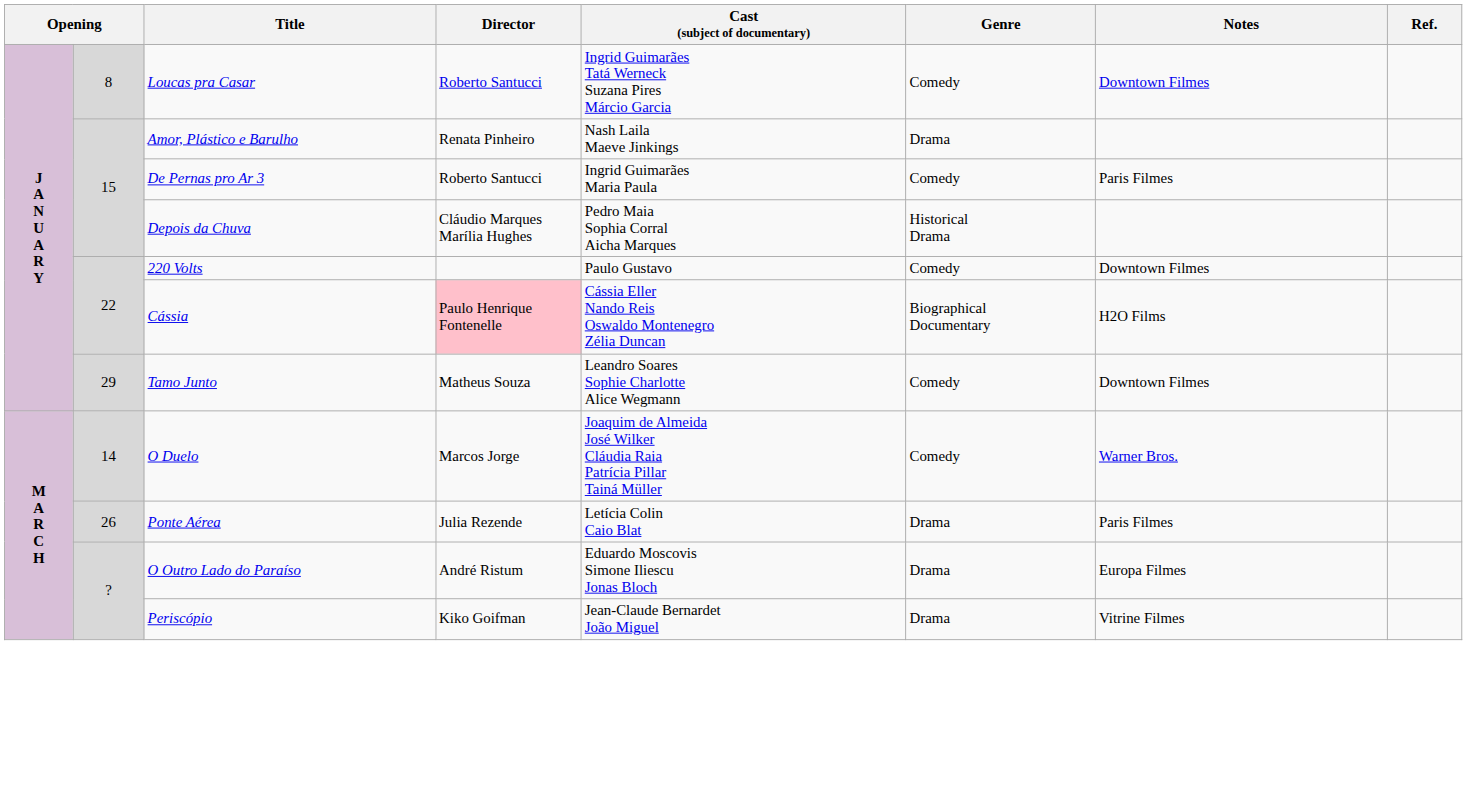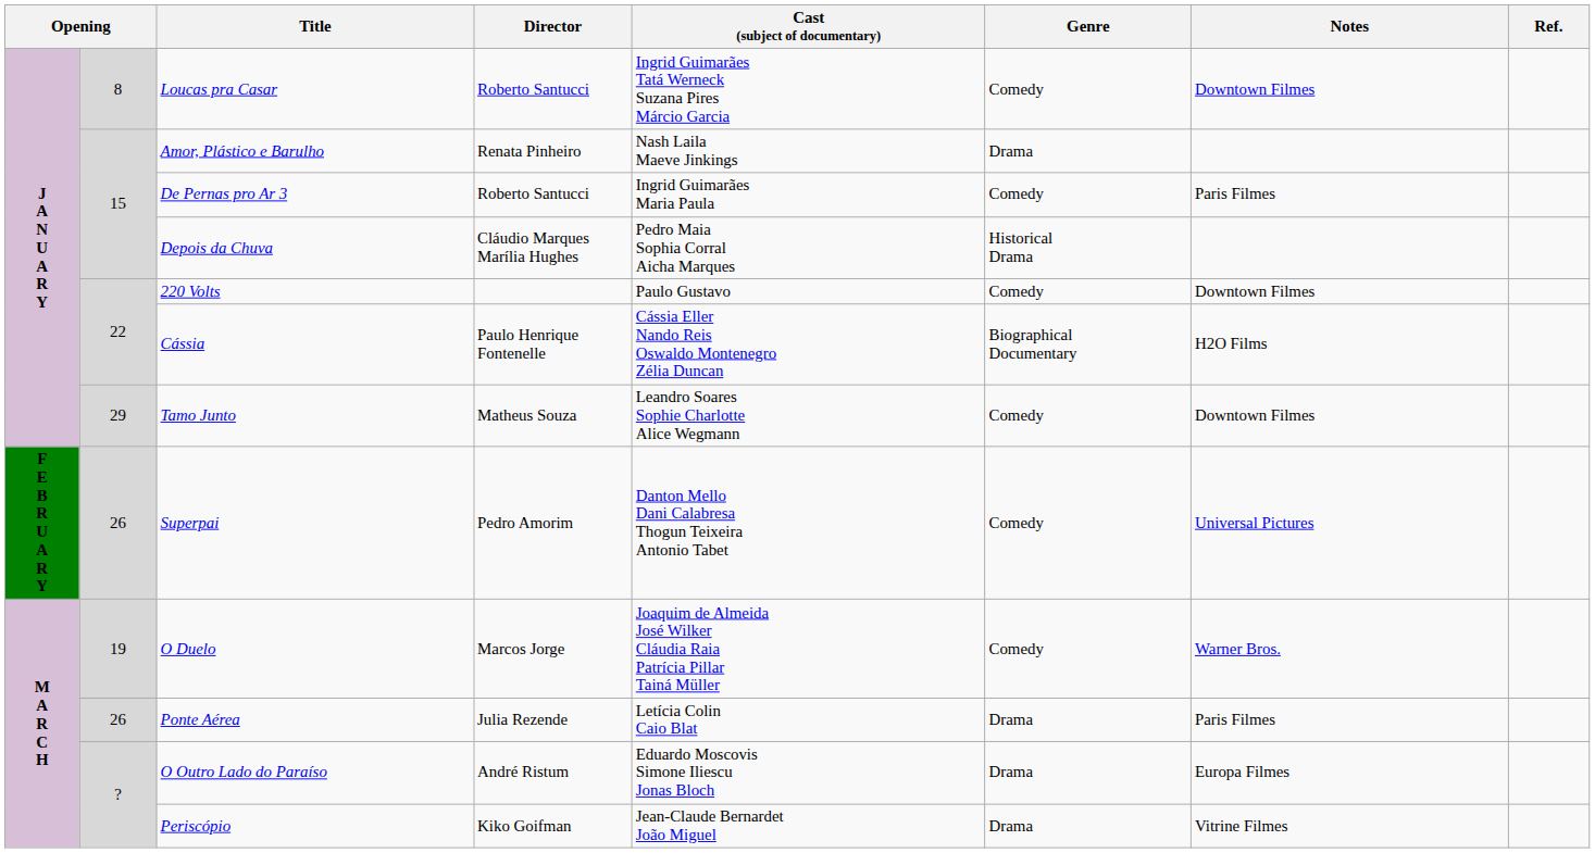 <table class="wikitable">
 <tr>
 <th colspan="2">Opening</th>
 <th style="width:20%;">Title</th>
 <th style="width:10%;">Director</th>
 <th>Cast<br><small>(subject of documentary)</small></th>
 <th style="width:13%">Genre</th>
 <th style="width:20%">Notes</th>
 <th>Ref.</th>
 </tr>
 <tr>
 <td rowspan=7 style="text-align:center; background:thistle; textcolor:#000;"><strong>J<br>A<br>N<br>U<br>A<br>R<br>Y<br></strong></td>
 <td style="text-align:center; background:#d8d8d8; textcolor:#000;">8</td>
 <td><em><a href='#'>Loucas pra Casar</a></em></td>
 <td><a href='#'>Roberto Santucci</a></td>
 <td><a href='#'>Ingrid Guimarães</a><br><a href='#'>Tatá Werneck</a><br>Suzana Pires<br><a href='#'>Márcio Garcia</a></td>
 <td>Comedy</td>
 <td><a href='#'>Downtown Filmes</a></td>
 <td></td>
 </tr>
 <tr>
 <td rowspan=3 style="text-align:center; background:#d8d8d8; textcolor:#000;">15</td>
 <td><em><a href='#'>Amor, Plástico e Barulho</a></em></td>
 <td>Renata Pinheiro</td>
 <td>Nash Laila<br>Maeve Jinkings</td>
 <td>Drama</td>
 <td></td>
 <td></td>
 </tr>
 <tr>
 <td><em><a href='#'>De Pernas pro Ar 3</a></em></td>
 <td>Roberto Santucci</td>
 <td>Ingrid Guimarães<br>Maria Paula</td>
 <td>Comedy</td>
 <td>Paris Filmes</td>
 <td></td>
 </tr>
 <tr>
 <td><em><a href='#'>Depois da Chuva</a></em></td>
 <td>Cláudio Marques<br>Marília Hughes</td>
 <td>Pedro Maia<br>Sophia Corral<br>Aicha Marques</td>
 <td>Historical<br>Drama</td>
 <td></td>
 <td></td>
 </tr>
 <tr>
 <td rowspan=2 style="text-align:center; background:#d8d8d8; textcolor:#000;">22</td>
 <td><em><a href='#'>220 Volts</a></em></td>
 <td></td>
 <td>Paulo Gustavo</td>
 <td>Comedy</td>
 <td>Downtown Filmes</td>
 <td></td>
 </tr>
 <tr>
 <td><em><a href='#'>Cássia</a></em></td>
-<td style="background: pink;">Paulo Henrique Fontenelle</td>
+<td>Paulo Henrique Fontenelle</td>
 <td><a href='#'>Cássia Eller</a><br><a href='#'>Nando Reis</a><br><a href='#'>Oswaldo Montenegro</a><br><a href='#'>Zélia Duncan</a></td>
 <td>Biographical<br>Documentary</td>
 <td>H2O Films</td>
 <td></td>
 </tr>
 <tr>
 <td style="text-align:center; background:#d8d8d8; textcolor:#000;">29</td>
 <td><em><a href='#'>Tamo Junto</a></em></td>
 <td>Matheus Souza</td>
 <td>Leandro Soares<br><a href='#'>Sophie Charlotte</a><br>Alice Wegmann</td>
 <td>Comedy</td>
 <td>Downtown Filmes</td>
 <td></td>
 </tr>
 <tr>
+<td style="text-align:center; background:green; textcolor:#000;"><strong>F<br>E<br>B<br>R<br>U<br>A<br>R<br>Y<br></strong></td>
+<td style="text-align:center; background:#d8d8d8; textcolor:#000;">26</td>
+<td><em><a href='#'>Superpai</a></em></td>
+<td>Pedro Amorim</td>
+<td><a href='#'>Danton Mello</a><br><a href='#'>Dani Calabresa</a><br>Thogun Teixeira<br>Antonio Tabet</td>
+<td>Comedy</td>
+<td><a href='#'>Universal Pictures</a></td>
+<td></td>
+</tr>
+<tr>
 <td rowspan=4 style="text-align:center; background:thistle; textcolor:#000;"><strong>M<br>A<br>R<br>C<br>H<br></strong></td>
-<td style="text-align:center; background:#d8d8d8; textcolor:#000;">14</td>
+<td style="text-align:center; background:#d8d8d8; textcolor:#000;">19</td>
 <td><em><a href='#'>O Duelo</a></em></td>
 <td>Marcos Jorge</td>
 <td><a href='#'>Joaquim de Almeida</a><br><a href='#'>José Wilker</a><br><a href='#'>Cláudia Raia</a><br><a href='#'>Patrícia Pillar</a><br><a href='#'>Tainá Müller</a></td>
 <td>Comedy</td>
 <td><a href='#'>Warner Bros.</a></td>
 <td></td>
 </tr>
 <tr>
 <td style="text-align:center; background:#d8d8d8; textcolor:#000;">26</td>
 <td><em><a href='#'>Ponte Aérea</a></em></td>
 <td>Julia Rezende</td>
 <td>Letícia Colin<br><a href='#'>Caio Blat</a></td>
 <td>Drama</td>
 <td>Paris Filmes</td>
 <td></td>
 </tr>
 <tr>
 <td rowspan=2 style="text-align:center; background:#d8d8d8; textcolor:#000;">?</td>
 <td><em><a href='#'>O Outro Lado do Paraíso</a></em></td>
 <td>André Ristum</td>
 <td>Eduardo Moscovis<br>Simone Iliescu<br><a href='#'>Jonas Bloch</a></td>
 <td>Drama</td>
 <td>Europa Filmes</td>
 <td></td>
 </tr>
 <tr>
 <td><em><a href='#'>Periscópio</a></em></td>
 <td>Kiko Goifman</td>
 <td>Jean-Claude Bernardet<br><a href='#'>João Miguel</a></td>
 <td>Drama</td>
 <td>Vitrine Filmes</td>
 <td></td>
 </tr>
 </table>
